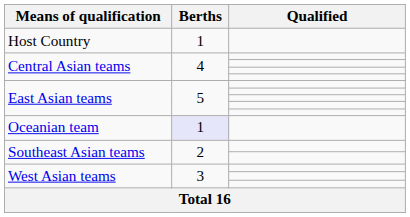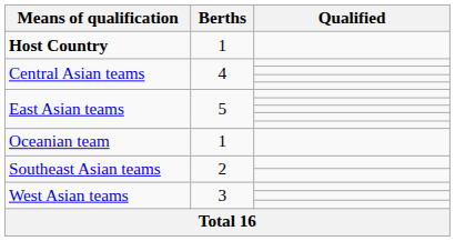 <table class="wikitable" style="margin:0;">
 <tr>
 <th style="margin:0; width:38%;">Means of qualification</th>
 <th style="margin:0; width:13%;">Berths</th>
 <th style="margin:0; width:40%;">Qualified</th>
 </tr>
 <tr>
-<td>Host Country</td>
+<td><strong>Host Country</strong></td>
 <td style="text-align:center;">1</td>
 <td></td>
 </tr>
 <tr>
 <td rowspan=4><a href='#'>Central Asian teams</a></td>
 <td rowspan=4 style="text-align:center;">4</td>
 <td></td>
 </tr>
 <tr>
 <td></td>
 </tr>
 <tr>
 <td></td>
 </tr>
 <tr>
 <td></td>
 </tr>
 <tr>
 <td rowspan=5><a href='#'>East Asian teams</a></td>
 <td rowspan=5 style="text-align:center;">5</td>
 <td></td>
 </tr>
 <tr>
 <td></td>
 </tr>
 <tr>
 <td></td>
 </tr>
 <tr>
 <td></td>
 </tr>
 <tr>
 <td></td>
 </tr>
 <tr>
 <td><a href='#'>Oceanian team</a></td>
-<td style="background: lavender; text-align:center;">1</td>
+<td style="text-align:center;">1</td>
 <td></td>
 </tr>
 <tr>
 <td rowspan=2><a href='#'>Southeast Asian teams</a></td>
 <td rowspan=2 style="text-align:center;">2</td>
 <td></td>
 </tr>
 <tr>
 <td></td>
 </tr>
 <tr>
 <td rowspan=3><a href='#'>West Asian teams</a></td>
 <td rowspan=3 style="text-align:center;">3</td>
 <td></td>
 </tr>
 <tr>
 <td></td>
 </tr>
 <tr>
 <td></td>
 </tr>
 <tr>
 <th colspan=4>Total 16</th>
 </tr>
 </table>
